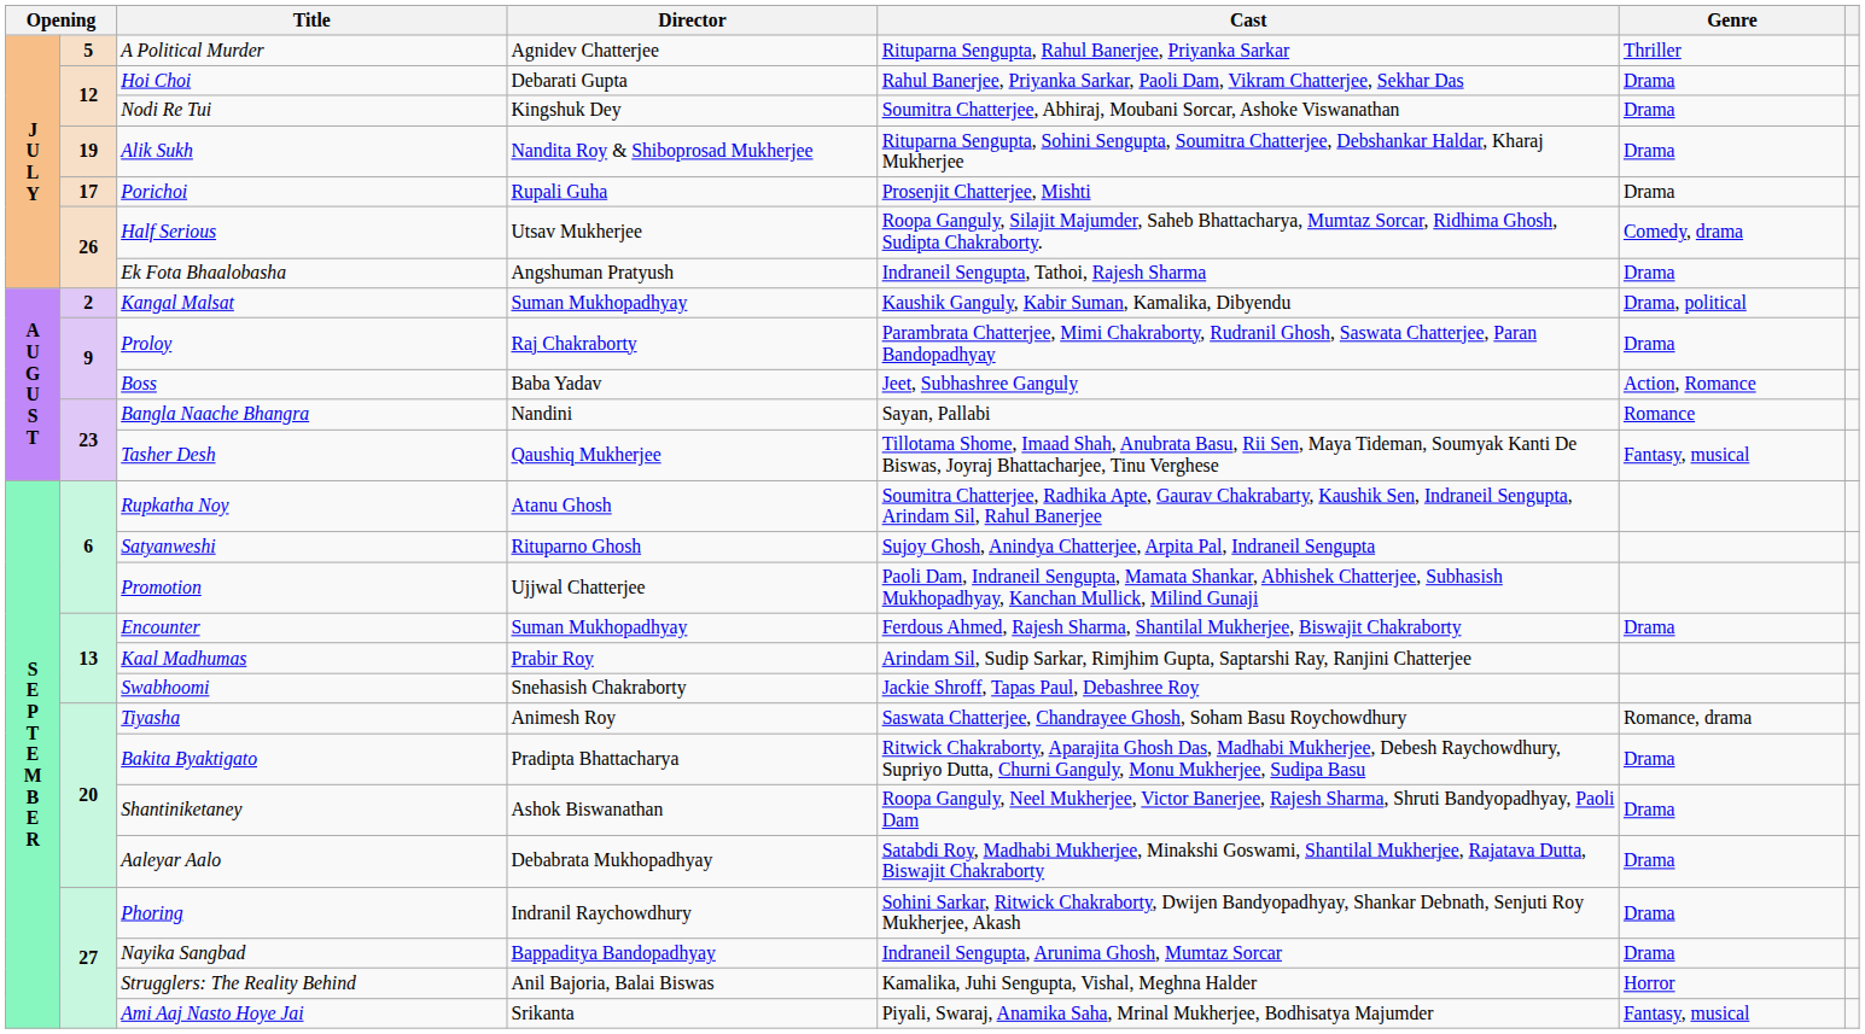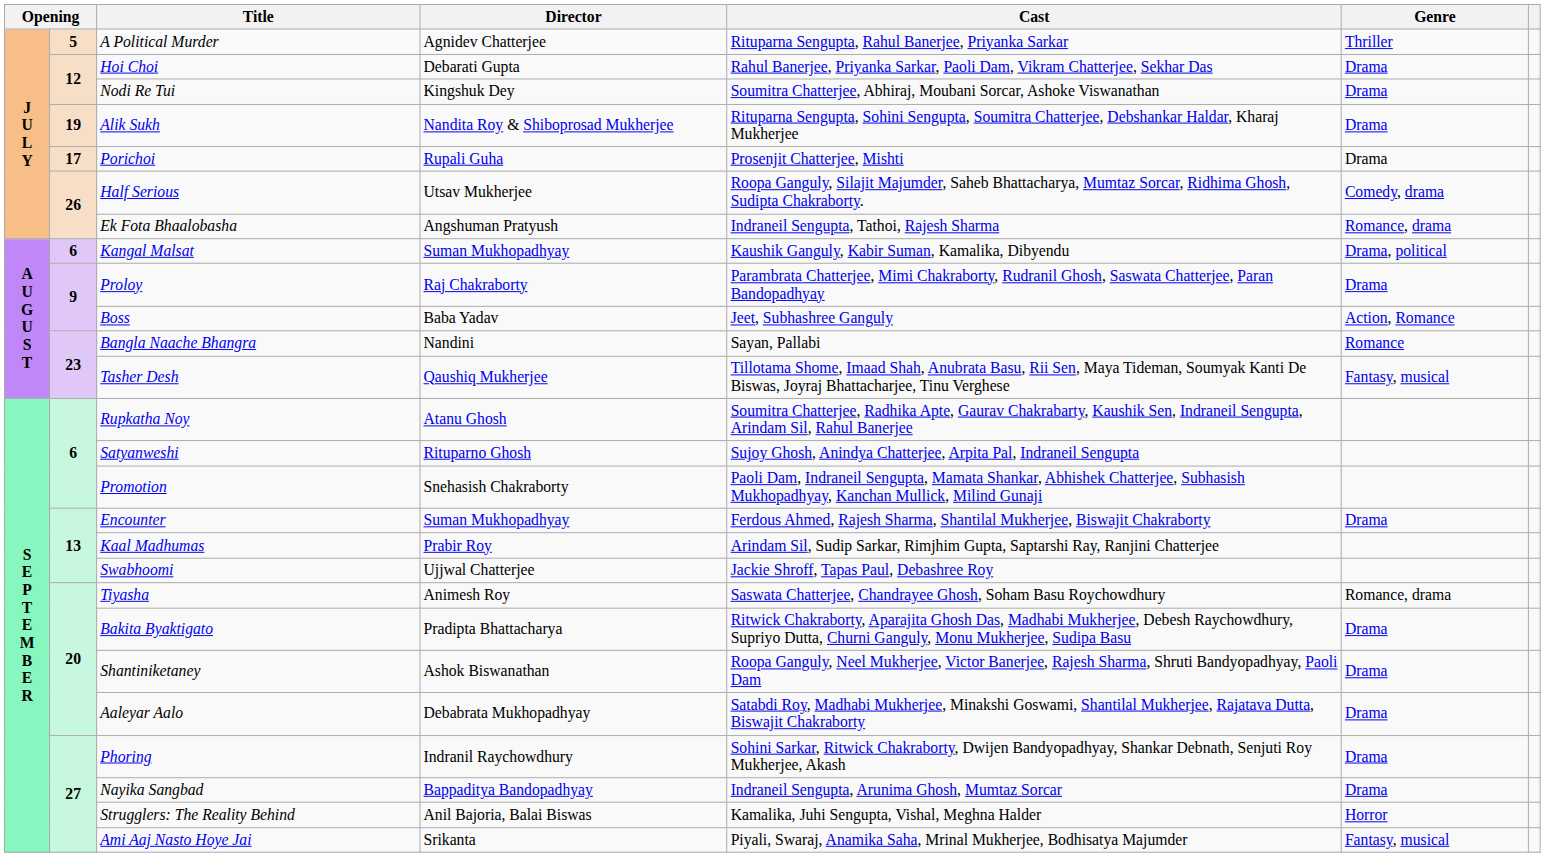 <table class="wikitable sortable">
 <tr>
 <th colspan="2" style="width:6%;">Opening</th>
 <th>Title</th>
 <th style="width:20%;">Director</th>
 <th style="width:40%;">Cast</th>
 <th>Genre</th>
 <th></th>
 </tr>
 <tr>
 <td rowspan="7" style="text-align:center; background:#f7bf87; textcolor:#000;"><strong>J<br>U<br>L<br>Y</strong></td>
 <td style="text-align:center; background:#f7dfc7; textcolor:#000;"><strong>5</strong></td>
 <td><em>A Political Murder</em></td>
 <td>Agnidev Chatterjee</td>
 <td><a href='#'>Rituparna Sengupta</a>, <a href='#'>Rahul Banerjee</a>, <a href='#'>Priyanka Sarkar</a></td>
 <td><a href='#'>Thriller</a></td>
 <td></td>
 </tr>
 <tr>
 <td rowspan="2" style="text-align:center; background:#f7dfc7; textcolor:#000;"><strong>12</strong></td>
 <td><em><a href='#'>Hoi Choi</a></em></td>
 <td>Debarati Gupta</td>
 <td><a href='#'>Rahul Banerjee</a>, <a href='#'>Priyanka Sarkar</a>, <a href='#'>Paoli Dam</a>, <a href='#'>Vikram Chatterjee</a>, <a href='#'>Sekhar Das</a></td>
 <td><a href='#'>Drama</a></td>
 <td></td>
 </tr>
 <tr>
 <td><em>Nodi Re Tui</em></td>
 <td>Kingshuk Dey</td>
 <td><a href='#'>Soumitra Chatterjee</a>, Abhiraj, Moubani Sorcar, Ashoke Viswanathan</td>
 <td><a href='#'>Drama</a></td>
 <td></td>
 </tr>
 <tr>
 <td style="text-align:center; background:#f7dfc7; textcolor:#000;"><strong>19</strong></td>
 <td><em><a href='#'>Alik Sukh</a></em></td>
 <td><a href='#'>Nandita Roy</a> & <a href='#'>Shiboprosad Mukherjee</a></td>
 <td><a href='#'>Rituparna Sengupta</a>, <a href='#'>Sohini Sengupta</a>, <a href='#'>Soumitra Chatterjee</a>, <a href='#'>Debshankar Haldar</a>, Kharaj Mukherjee</td>
 <td><a href='#'>Drama</a></td>
 <td></td>
 </tr>
 <tr>
 <td style="text-align:center; background:#f7dfc7; textcolor:#000;"><strong>17</strong></td>
 <td><em><a href='#'>Porichoi</a></em></td>
 <td><a href='#'>Rupali Guha</a></td>
 <td><a href='#'>Prosenjit Chatterjee</a>, <a href='#'>Mishti</a></td>
 <td>Drama</td>
 <td></td>
 </tr>
 <tr>
 <td rowspan="2" style="text-align:center; background:#f7dfc7; textcolor:#000;"><strong>26</strong></td>
 <td><em><a href='#'>Half Serious</a></em></td>
 <td>Utsav Mukherjee</td>
 <td><a href='#'>Roopa Ganguly</a>, <a href='#'>Silajit Majumder</a>, Saheb Bhattacharya, <a href='#'>Mumtaz Sorcar</a>, <a href='#'>Ridhima Ghosh</a>, <a href='#'>Sudipta Chakraborty</a>.</td>
 <td><a href='#'>Comedy</a>, <a href='#'>drama</a></td>
 <td></td>
 </tr>
 <tr>
 <td><em>Ek Fota Bhaalobasha</em></td>
 <td>Angshuman Pratyush</td>
 <td><a href='#'>Indraneil Sengupta</a>, Tathoi, <a href='#'>Rajesh Sharma</a></td>
-<td><a href='#'>Drama</a></td>
+<td><a href='#'>Romance</a>, <a href='#'>drama</a></td>
 <td></td>
 </tr>
 <tr>
 <td rowspan="5" style="text-align:center; background:#bf87f7; textcolor:#000;"><strong>A<br>U<br>G<br>U<br>S<br>T</strong></td>
-<td style="text-align:center; background:#dfc7f7; textcolor:#000;"><strong>2</strong></td>
+<td style="text-align:center; background:#dfc7f7; textcolor:#000;"><strong>6</strong></td>
 <td><em><a href='#'>Kangal Malsat</a></em></td>
 <td><a href='#'>Suman Mukhopadhyay</a></td>
 <td><a href='#'>Kaushik Ganguly</a>, <a href='#'>Kabir Suman</a>, Kamalika, Dibyendu</td>
 <td><a href='#'>Drama</a>, <a href='#'>political</a></td>
 <td></td>
 </tr>
 <tr>
 <td rowspan="2" style="text-align:center; background:#dfc7f7; textcolor:#000;"><strong>9</strong></td>
 <td><em><a href='#'>Proloy</a></em></td>
 <td><a href='#'>Raj Chakraborty</a></td>
 <td><a href='#'>Parambrata Chatterjee</a>, <a href='#'>Mimi Chakraborty</a>, <a href='#'>Rudranil Ghosh</a>, <a href='#'>Saswata Chatterjee</a>, <a href='#'>Paran Bandopadhyay</a></td>
 <td><a href='#'>Drama</a></td>
 <td></td>
 </tr>
 <tr>
 <td><em><a href='#'>Boss</a></em></td>
 <td>Baba Yadav</td>
 <td><a href='#'>Jeet</a>, <a href='#'>Subhashree Ganguly</a></td>
 <td><a href='#'>Action</a>, <a href='#'>Romance</a></td>
 </tr>
 <tr>
 <td rowspan="2" style="text-align:center; background:#dfc7f7; textcolor:#000;"><strong>23</strong></td>
 <td><em><a href='#'>Bangla Naache Bhangra</a></em></td>
 <td>Nandini</td>
 <td>Sayan, Pallabi</td>
 <td><a href='#'>Romance</a></td>
 <td></td>
 </tr>
 <tr>
 <td><em><a href='#'>Tasher Desh</a></em></td>
 <td><a href='#'>Qaushiq Mukherjee</a></td>
 <td><a href='#'>Tillotama Shome</a>, <a href='#'>Imaad Shah</a>, <a href='#'>Anubrata Basu</a>, <a href='#'>Rii Sen</a>, Maya Tideman, Soumyak Kanti De Biswas, Joyraj Bhattacharjee, Tinu Verghese</td>
 <td><a href='#'>Fantasy</a>, <a href='#'>musical</a></td>
 <td></td>
 </tr>
 <tr>
 <td rowspan="14" style="text-align:center; background:#87f7bf; textcolor:#000;"><strong>S<br>E<br>P<br>T<br>E<br>M<br>B<br>E<br>R</strong></td>
 <td rowspan="3" style="text-align:center; textcolor:#000; background:#c7f7df;"><strong>6</strong></td>
 <td><em><a href='#'>Rupkatha Noy</a></em></td>
 <td><a href='#'>Atanu Ghosh</a></td>
 <td><a href='#'>Soumitra Chatterjee</a>, <a href='#'>Radhika Apte</a>, <a href='#'>Gaurav Chakrabarty</a>, <a href='#'>Kaushik Sen</a>, <a href='#'>Indraneil Sengupta</a>, <a href='#'>Arindam Sil</a>, <a href='#'>Rahul Banerjee</a></td>
 <td></td>
 <td></td>
 </tr>
 <tr>
 <td><em><a href='#'>Satyanweshi</a></em></td>
 <td><a href='#'>Rituparno Ghosh</a></td>
 <td><a href='#'>Sujoy Ghosh</a>, <a href='#'>Anindya Chatterjee</a>, <a href='#'>Arpita Pal</a>, <a href='#'>Indraneil Sengupta</a></td>
 <td></td>
 <td></td>
 </tr>
 <tr>
 <td><em><a href='#'>Promotion</a></em></td>
-<td>Ujjwal Chatterjee</td>
+<td>Snehasish Chakraborty</td>
 <td><a href='#'>Paoli Dam</a>, <a href='#'>Indraneil Sengupta</a>, <a href='#'>Mamata Shankar</a>, <a href='#'>Abhishek Chatterjee</a>, <a href='#'>Subhasish Mukhopadhyay</a>, <a href='#'>Kanchan Mullick</a>, <a href='#'>Milind Gunaji</a></td>
 <td></td>
 <td></td>
 </tr>
 <tr>
 <td rowspan="3" style="text-align:center; textcolor:#000; background:#c7f7df;"><strong>13</strong></td>
 <td><em><a href='#'>Encounter</a></em></td>
 <td><a href='#'>Suman Mukhopadhyay</a></td>
 <td><a href='#'>Ferdous Ahmed</a>, <a href='#'>Rajesh Sharma</a>, <a href='#'>Shantilal Mukherjee</a>, <a href='#'>Biswajit Chakraborty</a></td>
 <td><a href='#'>Drama</a></td>
 <td></td>
 </tr>
 <tr>
 <td><em><a href='#'>Kaal Madhumas</a></em></td>
 <td><a href='#'>Prabir Roy</a></td>
 <td><a href='#'>Arindam Sil</a>, Sudip Sarkar, Rimjhim Gupta, Saptarshi Ray, Ranjini Chatterjee</td>
 <td></td>
 <td></td>
 </tr>
 <tr>
 <td><em><a href='#'>Swabhoomi</a></em></td>
-<td>Snehasish Chakraborty</td>
+<td>Ujjwal Chatterjee</td>
 <td><a href='#'>Jackie Shroff</a>, <a href='#'>Tapas Paul</a>, <a href='#'>Debashree Roy</a></td>
 <td></td>
 <td></td>
 </tr>
 <tr>
 <td rowspan="4" style="text-align:center; textcolor:#000; background:#c7f7df;"><strong>20</strong></td>
 <td><em><a href='#'>Tiyasha</a></em></td>
 <td>Animesh Roy</td>
 <td><a href='#'>Saswata Chatterjee</a>, <a href='#'>Chandrayee Ghosh</a>, Soham Basu Roychowdhury</td>
 <td>Romance, drama</td>
 <td></td>
 </tr>
 <tr>
 <td><em><a href='#'>Bakita Byaktigato</a></em></td>
 <td>Pradipta Bhattacharya</td>
 <td><a href='#'>Ritwick Chakraborty</a>, <a href='#'>Aparajita Ghosh Das</a>, <a href='#'>Madhabi Mukherjee</a>, Debesh Raychowdhury, Supriyo Dutta, <a href='#'>Churni Ganguly</a>, <a href='#'>Monu Mukherjee</a>, <a href='#'>Sudipa Basu</a></td>
 <td><a href='#'>Drama</a></td>
 <td></td>
 </tr>
 <tr>
 <td><em>Shantiniketaney</em></td>
 <td>Ashok Biswanathan</td>
 <td><a href='#'>Roopa Ganguly</a>, <a href='#'>Neel Mukherjee</a>, <a href='#'>Victor Banerjee</a>, <a href='#'>Rajesh Sharma</a>, Shruti Bandyopadhyay, <a href='#'>Paoli Dam</a></td>
 <td><a href='#'>Drama</a></td>
 <td></td>
 </tr>
 <tr>
 <td><em>Aaleyar Aalo</em></td>
 <td>Debabrata Mukhopadhyay</td>
 <td><a href='#'>Satabdi Roy</a>, <a href='#'>Madhabi Mukherjee</a>, Minakshi Goswami, <a href='#'>Shantilal Mukherjee</a>, <a href='#'>Rajatava Dutta</a>, <a href='#'>Biswajit Chakraborty</a></td>
 <td><a href='#'>Drama</a></td>
 <td></td>
 </tr>
 <tr>
 <td rowspan="4" style="text-align:center; textcolor:#000; background:#c7f7df;"><strong>27</strong></td>
 <td><em><a href='#'>Phoring</a></em></td>
 <td>Indranil Raychowdhury</td>
 <td><a href='#'>Sohini Sarkar</a>, <a href='#'>Ritwick Chakraborty</a>, Dwijen Bandyopadhyay, Shankar Debnath, Senjuti Roy Mukherjee, Akash</td>
 <td><a href='#'>Drama</a></td>
 <td></td>
 </tr>
 <tr>
 <td><em>Nayika Sangbad</em></td>
 <td><a href='#'>Bappaditya Bandopadhyay</a></td>
 <td><a href='#'>Indraneil Sengupta</a>, <a href='#'>Arunima Ghosh</a>, <a href='#'>Mumtaz Sorcar</a></td>
 <td><a href='#'>Drama</a></td>
 <td></td>
 </tr>
 <tr>
 <td><em>Strugglers: The Reality Behind</em></td>
 <td>Anil Bajoria, Balai Biswas</td>
 <td>Kamalika, Juhi Sengupta, Vishal, Meghna Halder</td>
 <td><a href='#'>Horror</a></td>
 <td></td>
 </tr>
 <tr>
 <td><em><a href='#'>Ami Aaj Nasto Hoye Jai</a></em></td>
 <td>Srikanta</td>
 <td>Piyali, Swaraj, <a href='#'>Anamika Saha</a>, Mrinal Mukherjee, Bodhisatya Majumder</td>
 <td><a href='#'>Fantasy</a>, <a href='#'>musical</a></td>
 <td></td>
 </tr>
 </table>
